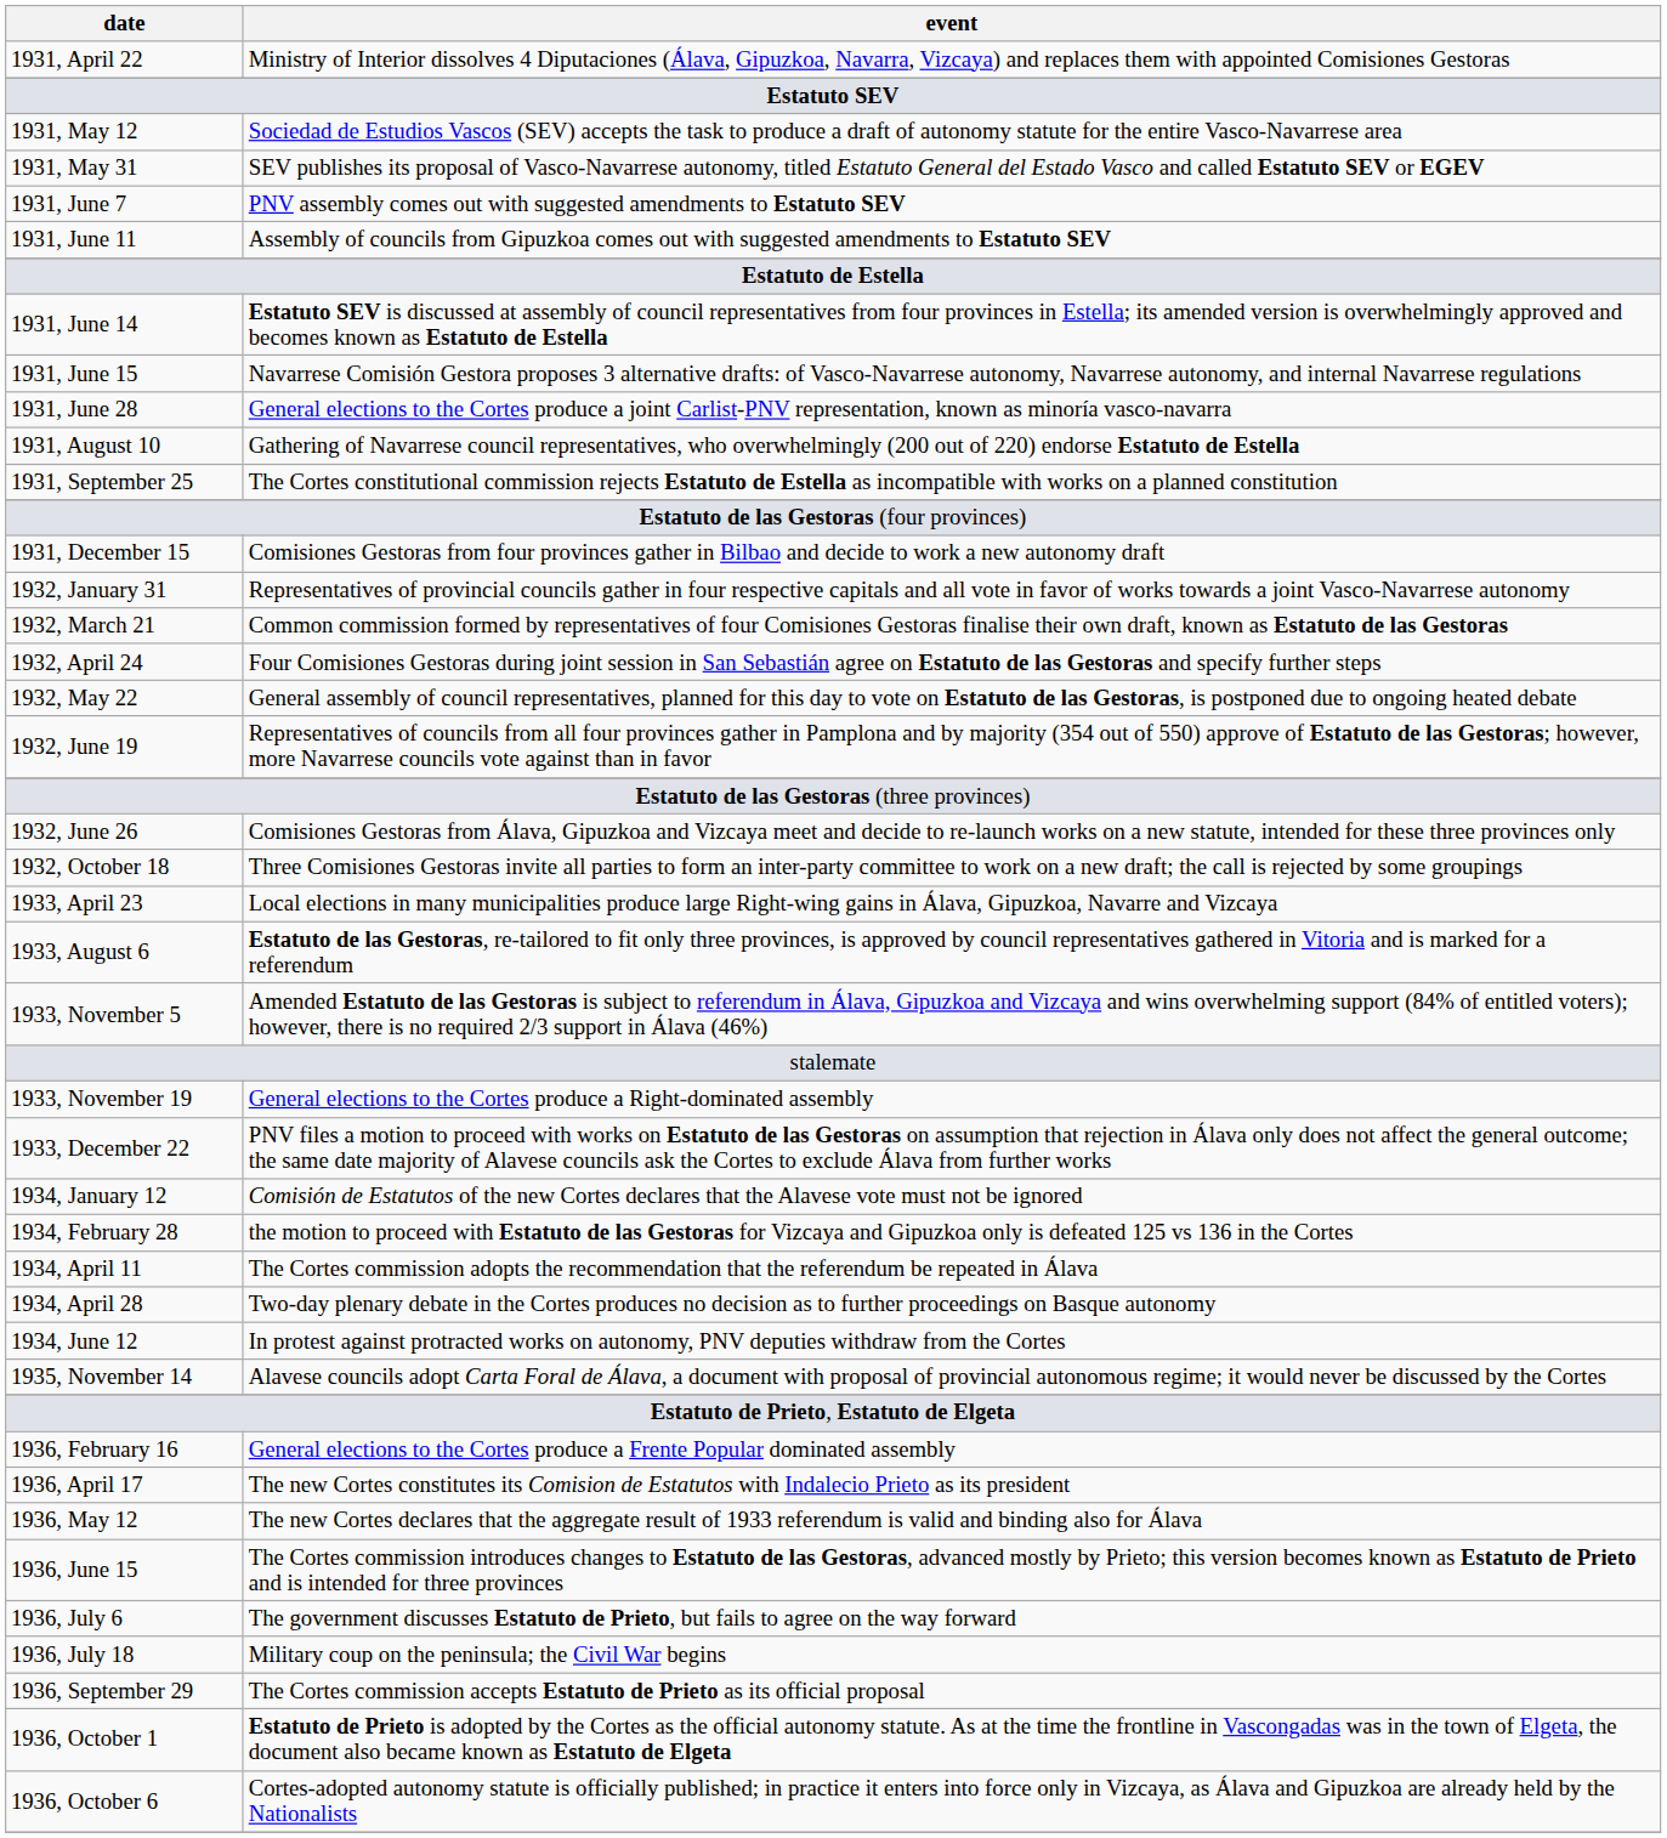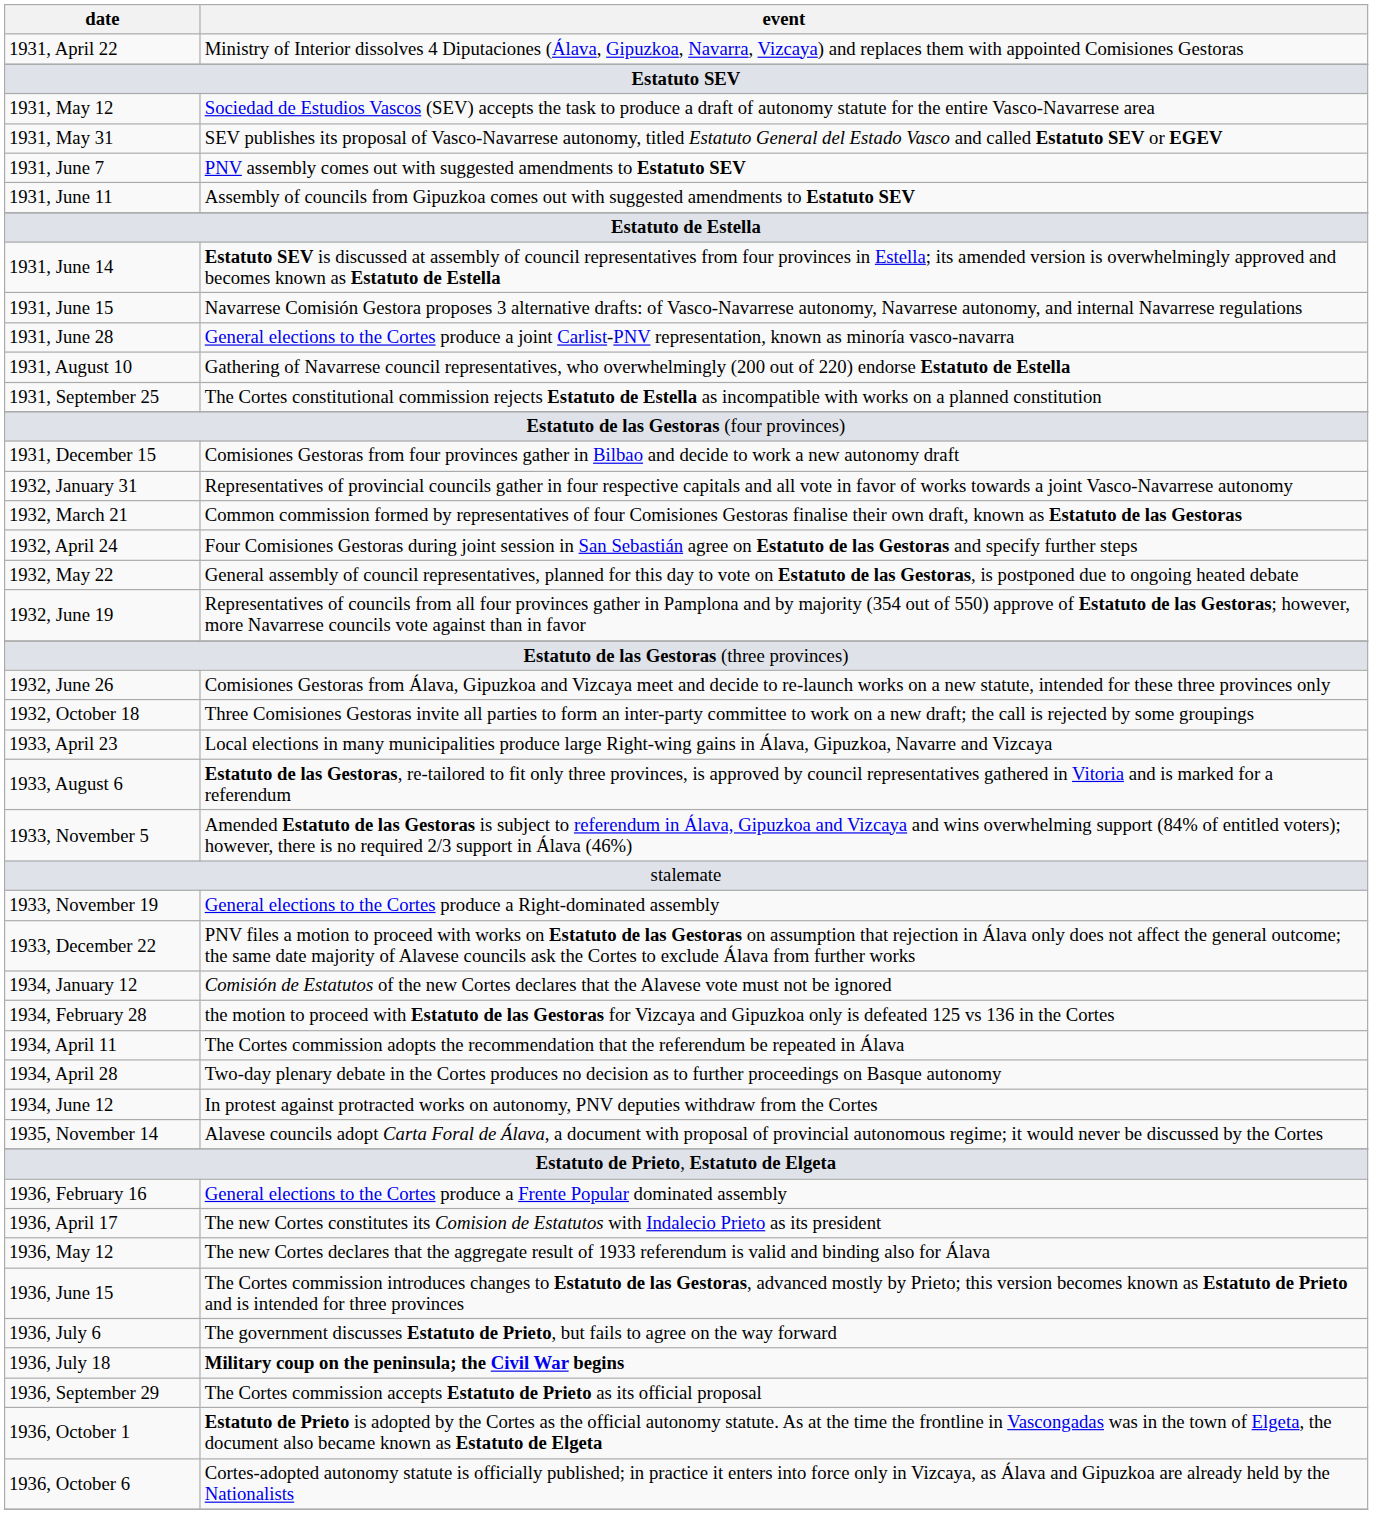 <table class="wikitable">
 <tr>
 <th scope="col" style="width: 160px;">date</th>
 <th scope="col" style="width: 990px;">event</th>
 </tr>
 <tr>
 <td>1931, April 22</td>
 <td>Ministry of Interior dissolves 4 Diputaciones (<a href='#'>Álava</a>, <a href='#'>Gipuzkoa</a>, <a href='#'>Navarra</a>, <a href='#'>Vizcaya</a>) and replaces them with appointed Comisiones Gestoras</td>
 </tr>
 <tr>
 </tr>
 <tr bgcolor="dfe2e9">
 <td colspan="3" style="text-align: center;"><strong>Estatuto SEV</strong></td>
 </tr>
 <tr>
 <td>1931, May 12</td>
 <td><a href='#'>Sociedad de Estudios Vascos</a> (SEV) accepts the task to produce a draft of autonomy statute for the entire Vasco-Navarrese area</td>
 </tr>
 <tr>
 <td>1931, May 31</td>
 <td>SEV publishes its proposal of Vasco-Navarrese autonomy, titled <em>Estatuto General del Estado Vasco</em> and called <strong>Estatuto SEV</strong> or <strong>EGEV</strong></td>
 </tr>
 <tr>
 <td>1931, June 7</td>
 <td><a href='#'>PNV</a> assembly comes out with suggested amendments to <strong>Estatuto SEV</strong></td>
 </tr>
 <tr>
 <td>1931, June 11</td>
 <td>Assembly of councils from Gipuzkoa comes out with suggested amendments to <strong>Estatuto SEV</strong></td>
 </tr>
 <tr>
 </tr>
 <tr bgcolor="dfe2e9">
 <td colspan="3" style="text-align: center;"><strong>Estatuto de Estella</strong></td>
 </tr>
 <tr>
 <td>1931, June 14</td>
 <td><strong>Estatuto SEV</strong> is discussed at assembly of council representatives from four provinces in <a href='#'>Estella</a>; its amended version is overwhelmingly approved and becomes known as <strong>Estatuto de Estella</strong></td>
 </tr>
 <tr>
 <td>1931, June 15</td>
 <td>Navarrese Comisión Gestora proposes 3 alternative drafts: of Vasco-Navarrese autonomy, Navarrese autonomy, and internal Navarrese regulations</td>
 </tr>
 <tr>
 <td>1931, June 28</td>
 <td><a href='#'>General elections to the Cortes</a> produce a joint <a href='#'>Carlist</a>-<a href='#'>PNV</a> representation, known as minoría vasco-navarra</td>
 </tr>
 <tr>
 <td>1931, August 10</td>
 <td>Gathering of Navarrese council representatives, who overwhelmingly (200 out of 220) endorse <strong>Estatuto de Estella</strong></td>
 </tr>
 <tr>
 <td>1931, September 25</td>
 <td>The Cortes constitutional commission rejects <strong>Estatuto de Estella</strong> as incompatible with works on a planned constitution</td>
 </tr>
 <tr>
 </tr>
 <tr bgcolor="dfe2e9">
 <td colspan="3" style="text-align: center;"><strong>Estatuto de las Gestoras</strong> (four provinces)</td>
 </tr>
 <tr>
 <td>1931, December 15</td>
 <td>Comisiones Gestoras from four provinces gather in <a href='#'>Bilbao</a> and decide to work a new autonomy draft</td>
 </tr>
 <tr>
 <td>1932, January 31</td>
 <td>Representatives of provincial councils gather in four respective capitals and all vote in favor of works towards a joint Vasco-Navarrese autonomy</td>
 </tr>
 <tr>
 <td>1932, March 21</td>
 <td>Common commission formed by representatives of four Comisiones Gestoras finalise their own draft, known as <strong>Estatuto de las Gestoras</strong></td>
 </tr>
 <tr>
 <td>1932, April 24</td>
 <td>Four Comisiones Gestoras during joint session in <a href='#'>San Sebastián</a> agree on <strong>Estatuto de las Gestoras</strong> and specify further steps</td>
 </tr>
 <tr>
 <td>1932, May 22</td>
 <td>General assembly of council representatives, planned for this day to vote on <strong>Estatuto de las Gestoras</strong>, is postponed due to ongoing heated debate</td>
 </tr>
 <tr>
 <td>1932, June 19</td>
 <td>Representatives of councils from all four provinces gather in Pamplona and by majority (354 out of 550) approve of <strong>Estatuto de las Gestoras</strong>; however, more Navarrese councils vote against than in favor</td>
 </tr>
 <tr>
 </tr>
 <tr bgcolor="dfe2e9">
 <td colspan="3" style="text-align: center;"><strong>Estatuto de las Gestoras</strong> (three provinces)</td>
 </tr>
 <tr>
 <td>1932, June 26</td>
 <td>Comisiones Gestoras from Álava, Gipuzkoa and Vizcaya meet and decide to re-launch works on a new statute, intended for these three provinces only</td>
 </tr>
 <tr>
 <td>1932, October 18</td>
 <td>Three Comisiones Gestoras invite all parties to form an inter-party committee to work on a new draft; the call is rejected by some groupings</td>
 </tr>
 <tr>
 <td>1933, April 23</td>
 <td>Local elections in many municipalities produce large Right-wing gains in Álava, Gipuzkoa, Navarre and Vizcaya</td>
 </tr>
 <tr>
 <td>1933, August 6</td>
 <td><strong>Estatuto de las Gestoras</strong>, re-tailored to fit only three provinces, is approved by council representatives gathered in <a href='#'>Vitoria</a> and is marked for a referendum</td>
 </tr>
 <tr>
 <td>1933, November 5</td>
 <td>Amended <strong>Estatuto de las Gestoras</strong> is subject to <a href='#'>referendum in Álava, Gipuzkoa and Vizcaya</a> and wins overwhelming support (84% of entitled voters); however, there is no required 2/3 support in Álava (46%)</td>
 </tr>
 <tr bgcolor="dfe2e9">
 <td colspan="3" style="text-align: center;">stalemate</td>
 </tr>
 <tr>
 <td>1933, November 19</td>
 <td><a href='#'>General elections to the Cortes</a> produce a Right-dominated assembly</td>
 </tr>
 <tr>
 <td>1933, December 22</td>
 <td>PNV files a motion to proceed with works on <strong>Estatuto de las Gestoras</strong> on assumption that rejection in Álava only does not affect the general outcome; the same date majority of Alavese councils ask the Cortes to exclude Álava from further works</td>
 </tr>
 <tr>
 <td>1934, January 12</td>
 <td><em>Comisión de Estatutos</em> of the new Cortes declares that the Alavese vote must not be ignored</td>
 </tr>
 <tr>
 <td>1934, February 28</td>
 <td>the motion to proceed with <strong>Estatuto de las Gestoras</strong> for Vizcaya and Gipuzkoa only is defeated 125 vs 136 in the Cortes</td>
 </tr>
 <tr>
 <td>1934, April 11</td>
 <td>The Cortes commission adopts the recommendation that the referendum be repeated in Álava</td>
 </tr>
 <tr>
 <td>1934, April 28</td>
 <td>Two-day plenary debate in the Cortes produces no decision as to further proceedings on Basque autonomy</td>
 </tr>
 <tr>
 <td>1934, June 12</td>
 <td>In protest against protracted works on autonomy, PNV deputies withdraw from the Cortes</td>
 </tr>
 <tr>
 <td>1935, November 14</td>
 <td>Alavese councils adopt <em>Carta Foral de Álava</em>, a document with proposal of provincial autonomous regime; it would never be discussed by the Cortes</td>
 </tr>
 <tr>
 </tr>
 <tr bgcolor="dfe2e9">
 <td colspan="3" style="text-align: center;"><strong>Estatuto de Prieto</strong>, <strong>Estatuto de Elgeta</strong></td>
 </tr>
 <tr>
 <td>1936, February 16</td>
 <td><a href='#'>General elections to the Cortes</a> produce a <a href='#'>Frente Popular</a> dominated assembly</td>
 </tr>
 <tr>
 <td>1936, April 17</td>
 <td>The new Cortes constitutes its <em>Comision de Estatutos</em> with <a href='#'>Indalecio Prieto</a> as its president</td>
 </tr>
 <tr>
 <td>1936, May 12</td>
 <td>The new Cortes declares that the aggregate result of 1933 referendum is valid and binding also for Álava</td>
 </tr>
 <tr>
 <td>1936, June 15</td>
 <td>The Cortes commission introduces changes to <strong>Estatuto de las Gestoras</strong>, advanced mostly by Prieto; this version becomes known as <strong>Estatuto de Prieto</strong> and is intended for three provinces</td>
 </tr>
 <tr>
 <td>1936, July 6</td>
 <td>The government discusses <strong>Estatuto de Prieto</strong>, but fails to agree on the way forward</td>
 </tr>
 <tr>
 <td>1936, July 18</td>
-<td>Military coup on the peninsula; the <a href='#'>Civil War</a> begins</td>
+<td><strong>Military coup on the peninsula; the <a href='#'>Civil War</a> begins</strong></td>
 </tr>
 <tr>
 <td>1936, September 29</td>
 <td>The Cortes commission accepts <strong>Estatuto de Prieto</strong> as its official proposal</td>
 </tr>
 <tr>
 <td>1936, October 1</td>
 <td><strong>Estatuto de Prieto</strong> is adopted by the Cortes as the official autonomy statute. As at the time the frontline in <a href='#'>Vascongadas</a> was in the town of <a href='#'>Elgeta</a>, the document also became known as <strong>Estatuto de Elgeta</strong></td>
 </tr>
 <tr>
 <td>1936, October 6</td>
 <td>Cortes-adopted autonomy statute is officially published; in practice it enters into force only in Vizcaya, as Álava and Gipuzkoa are already held by the <a href='#'>Nationalists</a></td>
 </tr>
 <tr>
 </tr>
 </table>
